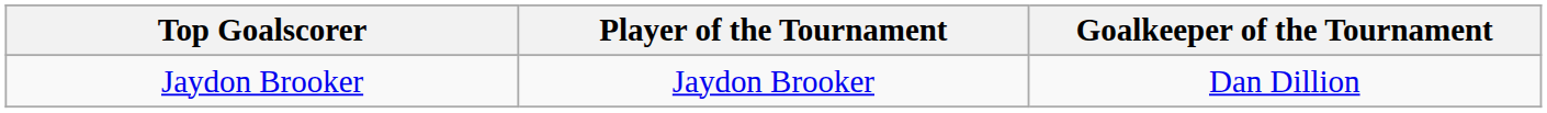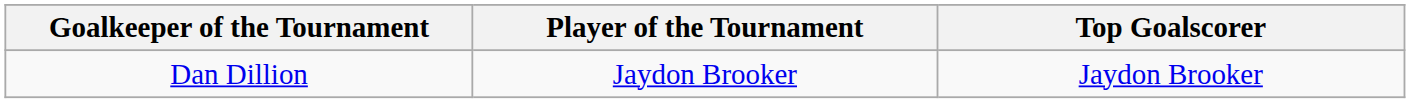 <table class=wikitable style="margin:auto; text-align:center">
 <tr>
+<th style="width: 250px;">Goalkeeper of the Tournament</th>
+<th style="width: 250px;">Player of the Tournament</th>
 <th style="width: 250px;">Top Goalscorer</th>
-<th style="width: 250px;">Player of the Tournament</th>
-<th style="width: 250px;">Goalkeeper of the Tournament</th>
 </tr>
 <tr>
+<td> <a href='#'>Dan Dillion</a></td>
 <td> <a href='#'>Jaydon Brooker</a></td>
 <td> <a href='#'>Jaydon Brooker</a></td>
-<td> <a href='#'>Dan Dillion</a></td>
 </tr>
 </table>
